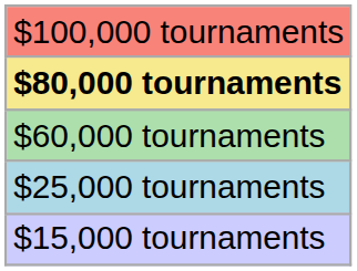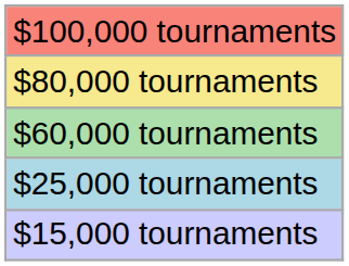 <table class="wikitable" style="font-size:85%;">
 <tr style="background:#f88379;">
 <td>$100,000 tournaments</td>
 </tr>
 <tr style="background:#f7e98e;">
-<td><strong>$80,000 tournaments</strong></td>
+<td>$80,000 tournaments</td>
 </tr>
 <tr style="background:#addfad;">
 <td>$60,000 tournaments</td>
 </tr>
 <tr style="background:lightblue;">
 <td>$25,000 tournaments</td>
 </tr>
 <tr style="background:#ccccff;">
 <td>$15,000 tournaments</td>
 </tr>
 </table>
